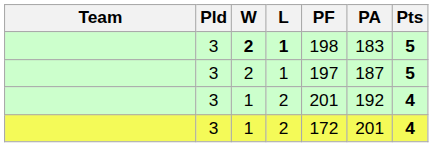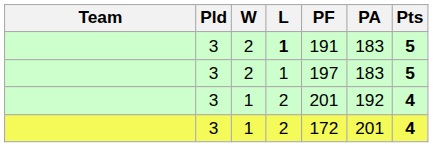 <table class="wikitable" style="text-align:center;">
 <tr>
 <th width=170>Team</th>
 <th width=25>Pld</th>
 <th width=25>W</th>
 <th width=25>L</th>
 <th width=35>PF</th>
 <th width=35>PA</th>
 <th width=25>Pts</th>
 </tr>
 <tr bgcolor=#ccffcc>
 <td align="left"></td>
 <td>3</td>
-<td><strong>2</strong></td>
+<td>2</td>
 <td><strong>1</strong></td>
-<td>198</td>
+<td>191</td>
 <td>183</td>
 <td><strong>5</strong></td>
 </tr>
 <tr bgcolor=#ccffcc>
 <td align="left"></td>
 <td>3</td>
 <td>2</td>
 <td>1</td>
 <td>197</td>
-<td>187</td>
+<td>183</td>
 <td><strong>5</strong></td>
 </tr>
 <tr bgcolor=#ccffcc>
 <td align="left"></td>
 <td>3</td>
 <td>1</td>
 <td>2</td>
 <td>201</td>
 <td>192</td>
 <td><strong>4</strong></td>
 </tr>
 <tr bgcolor=#F4FA58>
 <td align="left"></td>
 <td>3</td>
 <td>1</td>
 <td>2</td>
 <td>172</td>
 <td>201</td>
 <td><strong>4</strong></td>
 </tr>
 </table>
